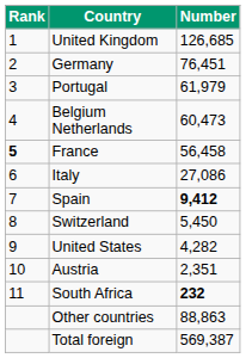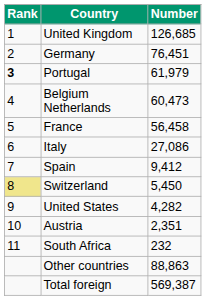 <table class="wikitable">
 <tr>
 </tr>
 <tr style="color:white;">
 <th style="width:5px; background:#00966E;">Rank</th>
 <th style="width:130px; background:#00966E;">Country</th>
 <th style="width:50px; background:#00966E;">Number</th>
 </tr>
 <tr>
 <td>1</td>
 <td>United Kingdom</td>
 <td>126,685</td>
 </tr>
 <tr>
 <td>2</td>
 <td>Germany</td>
 <td>76,451</td>
 </tr>
 <tr>
-<td>3</td>
+<td><strong>3</strong></td>
 <td>Portugal</td>
 <td>61,979</td>
 </tr>
 <tr>
 <td>4</td>
 <td>Belgium<br>Netherlands</td>
 <td>60,473</td>
 </tr>
 <tr>
-<td><strong>5</strong></td>
+<td>5</td>
 <td>France</td>
 <td>56,458</td>
 </tr>
 <tr>
 <td>6</td>
 <td>Italy</td>
 <td>27,086</td>
 </tr>
 <tr>
 <td>7</td>
 <td>Spain</td>
-<td><strong>9,412</strong></td>
+<td>9,412</td>
 </tr>
 <tr>
-<td>8</td>
+<td style="background: khaki;">8</td>
 <td>Switzerland</td>
 <td>5,450</td>
 </tr>
 <tr>
 <td>9</td>
 <td>United States</td>
 <td>4,282</td>
 </tr>
 <tr>
 <td>10</td>
 <td>Austria</td>
 <td>2,351</td>
 </tr>
 <tr>
 <td>11</td>
 <td>South Africa</td>
-<td><strong>232</strong></td>
+<td>232</td>
 </tr>
 <tr>
 <td></td>
 <td>Other countries</td>
 <td>88,863</td>
 </tr>
 <tr>
 <td></td>
 <td>Total foreign</td>
 <td>569,387</td>
 </tr>
 </table>
